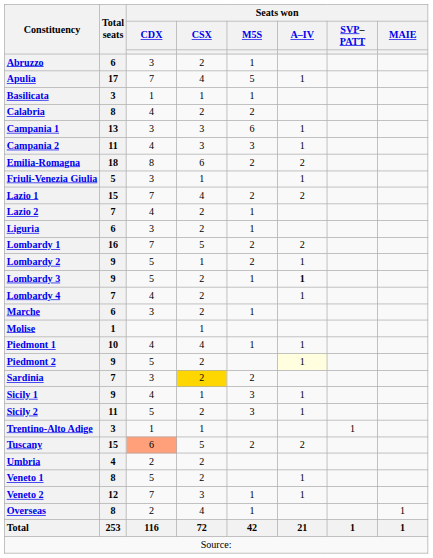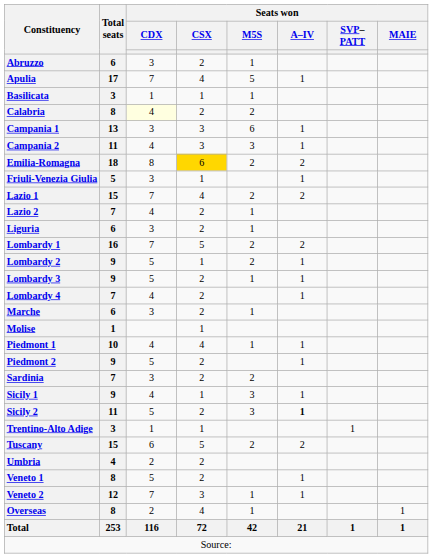 <table class="wikitable" style="text-align:center; font-size: 0.9em;">
 <tr>
 <th rowspan="3">Constituency</th>
 <th rowspan="3">Total<br>seats</th>
 <th colspan="6">Seats won</th>
 </tr>
 <tr>
 <th class="unsortable" style="width:65px;"><a href='#'>CDX</a></th>
 <th class="unsortable" style="width:65px;"><a href='#'>CSX</a></th>
 <th class="unsortable" style="width:65px;"><a href='#'>M5S</a></th>
 <th class="unsortable" style="width:65px;"><a href='#'>A–IV</a></th>
 <th class="unsortable" style="width:65px;"><a href='#'>SVP</a>–<a href='#'>PATT</a></th>
 <th class="unsortable" style="width:65px;"><a href='#'>MAIE</a></th>
 </tr>
 <tr>
 <th style="background:"></th>
 <th style="background:"></th>
 <th style="background:"></th>
 <th style="background:"></th>
 <th style="background:"></th>
 <th style="background:"></th>
 </tr>
 <tr>
 <th style="text-align: left;"><a href='#'>Abruzzo</a></th>
 <th>6</th>
 <td>3</td>
 <td>2</td>
 <td>1</td>
 <td></td>
 <td></td>
 <td></td>
 </tr>
 <tr>
 <th style="text-align: left;"><a href='#'>Apulia</a></th>
 <th>17</th>
 <td>7</td>
 <td>4</td>
 <td>5</td>
 <td>1</td>
 <td></td>
 <td></td>
 </tr>
 <tr>
 <th style="text-align: left;"><a href='#'>Basilicata</a></th>
 <th>3</th>
 <td>1</td>
 <td>1</td>
 <td>1</td>
 <td></td>
 <td></td>
 <td></td>
 </tr>
 <tr>
 <th style="text-align: left;"><a href='#'>Calabria</a></th>
 <th>8</th>
-<td>4</td>
+<td style="background: lightyellow;">4</td>
 <td>2</td>
 <td>2</td>
 <td></td>
 <td></td>
 <td></td>
 </tr>
 <tr>
 <th style="text-align: left;"><a href='#'>Campania 1</a></th>
 <th>13</th>
 <td>3</td>
 <td>3</td>
 <td>6</td>
 <td>1</td>
 <td></td>
 <td></td>
 </tr>
 <tr>
 <th style="text-align: left;"><a href='#'>Campania 2</a></th>
 <th>11</th>
 <td>4</td>
 <td>3</td>
 <td>3</td>
 <td>1</td>
 <td></td>
 <td></td>
 </tr>
 <tr>
 <th style="text-align: left;"><a href='#'>Emilia-Romagna</a></th>
 <th>18</th>
 <td>8</td>
-<td>6</td>
+<td style="background: gold;">6</td>
 <td>2</td>
 <td>2</td>
 <td></td>
 <td></td>
 </tr>
 <tr>
 <th style="text-align: left;"><a href='#'>Friuli-Venezia Giulia</a></th>
 <th>5</th>
 <td>3</td>
 <td>1</td>
 <td></td>
 <td>1</td>
 <td></td>
 <td></td>
 </tr>
 <tr>
 <th style="text-align: left;"><a href='#'>Lazio 1</a></th>
 <th>15</th>
 <td>7</td>
 <td>4</td>
 <td>2</td>
 <td>2</td>
 <td></td>
 <td></td>
 </tr>
 <tr>
 <th style="text-align: left;"><a href='#'>Lazio 2</a></th>
 <th>7</th>
 <td>4</td>
 <td>2</td>
 <td>1</td>
 <td></td>
 <td></td>
 <td></td>
 </tr>
 <tr>
 <th style="text-align: left;"><a href='#'>Liguria</a></th>
 <th>6</th>
 <td>3</td>
 <td>2</td>
 <td>1</td>
 <td></td>
 <td></td>
 <td></td>
 </tr>
 <tr>
 <th style="text-align: left;"><a href='#'>Lombardy 1</a></th>
 <th>16</th>
 <td>7</td>
 <td>5</td>
 <td>2</td>
 <td>2</td>
 <td></td>
 <td></td>
 </tr>
 <tr>
 <th style="text-align: left;"><a href='#'>Lombardy 2</a></th>
 <th>9</th>
 <td>5</td>
 <td>1</td>
 <td>2</td>
 <td>1</td>
 <td></td>
 <td></td>
 </tr>
 <tr>
 <th style="text-align: left;"><a href='#'>Lombardy 3</a></th>
 <th>9</th>
 <td>5</td>
 <td>2</td>
 <td>1</td>
-<td><strong>1</strong></td>
+<td>1</td>
 <td></td>
 <td></td>
 </tr>
 <tr>
 <th style="text-align: left;"><a href='#'>Lombardy 4</a></th>
 <th>7</th>
 <td>4</td>
 <td>2</td>
 <td></td>
 <td>1</td>
 <td></td>
 <td></td>
 </tr>
 <tr>
 <th style="text-align: left;"><a href='#'>Marche</a></th>
 <th>6</th>
 <td>3</td>
 <td>2</td>
 <td>1</td>
 <td></td>
 <td></td>
 <td></td>
 </tr>
 <tr>
 <th style="text-align: left;"><a href='#'>Molise</a></th>
 <th>1</th>
 <td></td>
 <td>1</td>
 <td></td>
 <td></td>
 <td></td>
 <td></td>
 </tr>
 <tr>
 <th style="text-align: left;"><a href='#'>Piedmont 1</a></th>
 <th>10</th>
 <td>4</td>
 <td>4</td>
 <td>1</td>
 <td>1</td>
 <td></td>
 <td></td>
 </tr>
 <tr>
 <th style="text-align: left;"><a href='#'>Piedmont 2</a></th>
 <th>9</th>
 <td>5</td>
 <td>2</td>
 <td></td>
-<td style="background: lightyellow;">1</td>
+<td>1</td>
 <td></td>
 <td></td>
 </tr>
 <tr>
 <th style="text-align: left;"><a href='#'>Sardinia</a></th>
 <th>7</th>
 <td>3</td>
-<td style="background: gold;">2</td>
+<td>2</td>
 <td>2</td>
 <td></td>
 <td></td>
 <td></td>
 </tr>
 <tr>
 <th style="text-align: left;"><a href='#'>Sicily 1</a></th>
 <th>9</th>
 <td>4</td>
 <td>1</td>
 <td>3</td>
 <td>1</td>
 <td></td>
 <td></td>
 </tr>
 <tr>
 <th style="text-align: left;"><a href='#'>Sicily 2</a></th>
 <th>11</th>
 <td>5</td>
 <td>2</td>
 <td>3</td>
-<td>1</td>
+<td><strong>1</strong></td>
 <td></td>
 <td></td>
 </tr>
 <tr>
 <th style="text-align: left;"><a href='#'>Trentino-Alto Adige</a></th>
 <th>3</th>
 <td>1</td>
 <td>1</td>
 <td></td>
 <td></td>
 <td>1</td>
 <td></td>
 </tr>
 <tr>
 <th style="text-align: left;"><a href='#'>Tuscany</a></th>
 <th>15</th>
-<td style="background: lightsalmon;">6</td>
+<td>6</td>
 <td>5</td>
 <td>2</td>
 <td>2</td>
 <td></td>
 <td></td>
 </tr>
 <tr>
 <th style="text-align: left;"><a href='#'>Umbria</a></th>
 <th>4</th>
 <td>2</td>
 <td>2</td>
 <td></td>
 <td></td>
 <td></td>
 <td></td>
 </tr>
 <tr>
 <th style="text-align: left;"><a href='#'>Veneto 1</a></th>
 <th>8</th>
 <td>5</td>
 <td>2</td>
 <td></td>
 <td>1</td>
 <td></td>
 <td></td>
 </tr>
 <tr>
 <th style="text-align: left;"><a href='#'>Veneto 2</a></th>
 <th>12</th>
 <td>7</td>
 <td>3</td>
 <td>1</td>
 <td>1</td>
 <td></td>
 <td></td>
 </tr>
 <tr>
 <th style="text-align: left;"><a href='#'>Overseas</a></th>
 <th>8</th>
 <td>2</td>
 <td>4</td>
 <td>1</td>
 <td></td>
 <td></td>
 <td>1</td>
 </tr>
 <tr>
 <th style="text-align: left;">Total</th>
 <th>253</th>
 <th>116</th>
 <th>72</th>
 <th>42</th>
 <th>21</th>
 <th>1</th>
 <th>1</th>
 </tr>
 <tr>
 <td colspan="8">Source: </td>
 </tr>
 </table>
